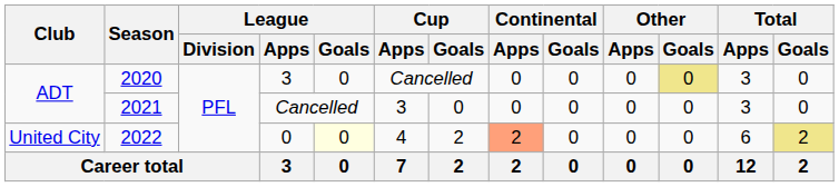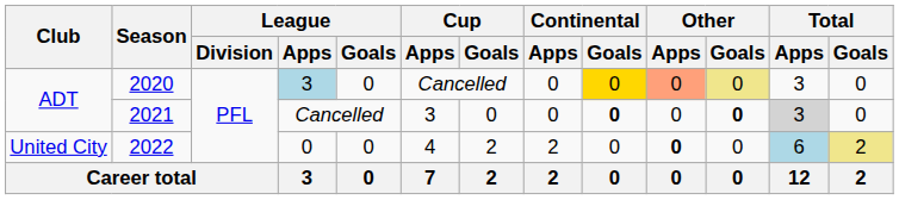 <table class="wikitable" style="text-align: center">
 <tr>
 <th rowspan="2">Club</th>
 <th rowspan="2">Season</th>
 <th colspan="3">League</th>
 <th colspan="2">Cup</th>
 <th colspan="2">Continental</th>
 <th colspan="2">Other</th>
 <th colspan="2">Total</th>
 </tr>
 <tr>
 <th>Division</th>
 <th>Apps</th>
 <th>Goals</th>
 <th>Apps</th>
 <th>Goals</th>
 <th>Apps</th>
 <th>Goals</th>
 <th>Apps</th>
 <th>Goals</th>
 <th>Apps</th>
 <th>Goals</th>
 </tr>
 <tr>
 <td rowspan=2><a href='#'>ADT</a></td>
 <td><a href='#'>2020</a></td>
 <td rowspan="3"><a href='#'>PFL</a></td>
-<td>3</td>
+<td style="background: lightblue;">3</td>
 <td>0</td>
 <td colspan=2><em>Cancelled</em></td>
 <td>0</td>
-<td>0</td>
-<td>0</td>
+<td style="background: gold;">0</td>
+<td style="background: lightsalmon;">0</td>
 <td style="background: khaki;">0</td>
 <td>3</td>
 <td>0</td>
 </tr>
 <tr>
 <td><a href='#'>2021</a></td>
 <td colspan=2><em>Cancelled</em></td>
 <td>3</td>
 <td>0</td>
 <td>0</td>
+<td><strong>0</strong></td>
 <td>0</td>
-<td>0</td>
-<td>0</td>
-<td>3</td>
+<td><strong>0</strong></td>
+<td style="background: lightgrey;">3</td>
 <td>0</td>
 </tr>
 <tr>
 <td><a href='#'>United City</a></td>
 <td><a href='#'>2022</a></td>
 <td>0</td>
-<td style="background: lightyellow;">0</td>
+<td>0</td>
 <td>4</td>
 <td>2</td>
-<td style="background: lightsalmon;">2</td>
+<td>2</td>
 <td>0</td>
+<td><strong>0</strong></td>
 <td>0</td>
-<td>0</td>
-<td>6</td>
+<td style="background: lightblue;">6</td>
 <td style="background: khaki;">2</td>
 </tr>
 <tr>
 <th colspan=3>Career total</th>
 <th>3</th>
 <th>0</th>
 <th>7</th>
 <th>2</th>
 <th>2</th>
 <th>0</th>
 <th>0</th>
 <th>0</th>
 <th>12</th>
 <th>2</th>
 </tr>
 </table>
